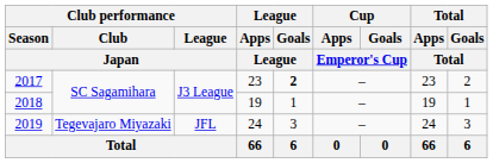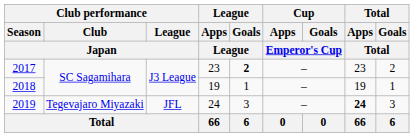 <table class="wikitable" style="text-align:center;">
 <tr>
 <th colspan=3>Club performance</th>
 <th colspan=2>League</th>
 <th colspan=2>Cup</th>
 <th colspan=2>Total</th>
 </tr>
 <tr>
 <th>Season</th>
 <th>Club</th>
 <th>League</th>
 <th>Apps</th>
 <th>Goals</th>
 <th>Apps</th>
 <th>Goals</th>
 <th>Apps</th>
 <th>Goals</th>
 </tr>
 <tr>
 <th colspan=3>Japan</th>
 <th colspan=2>League</th>
 <th colspan=2><a href='#'>Emperor's Cup</a></th>
 <th colspan=2>Total</th>
 </tr>
 <tr>
 <td><a href='#'>2017</a></td>
 <td rowspan="2"><a href='#'>SC Sagamihara</a></td>
 <td rowspan="2"><a href='#'>J3 League</a></td>
 <td>23</td>
 <td><strong>2</strong></td>
 <td colspan="2">–</td>
 <td>23</td>
 <td>2</td>
 </tr>
 <tr>
 <td><a href='#'>2018</a></td>
 <td>19</td>
 <td>1</td>
 <td colspan="2">–</td>
 <td>19</td>
 <td>1</td>
 </tr>
 <tr>
 <td><a href='#'>2019</a></td>
 <td rowspan="1"><a href='#'>Tegevajaro Miyazaki</a></td>
 <td rowspan="1"><a href='#'>JFL</a></td>
 <td>24</td>
 <td>3</td>
 <td colspan="2">–</td>
-<td>24</td>
+<td><strong>24</strong></td>
 <td>3</td>
 </tr>
 <tr>
 <th colspan=3>Total</th>
 <th>66</th>
 <th>6</th>
 <th>0</th>
 <th>0</th>
 <th>66</th>
 <th>6</th>
 </tr>
 </table>
